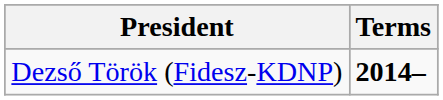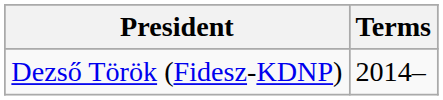 <table class="wikitable">
 <tr>
 <th>President</th>
 <th>Terms</th>
 </tr>
 <tr>
 <td><a href='#'>Dezső Török</a> (<a href='#'>Fidesz</a>-<a href='#'>KDNP</a>)</td>
-<td><strong>2014–</strong></td>
+<td>2014–</td>
 </tr>
 </table>
